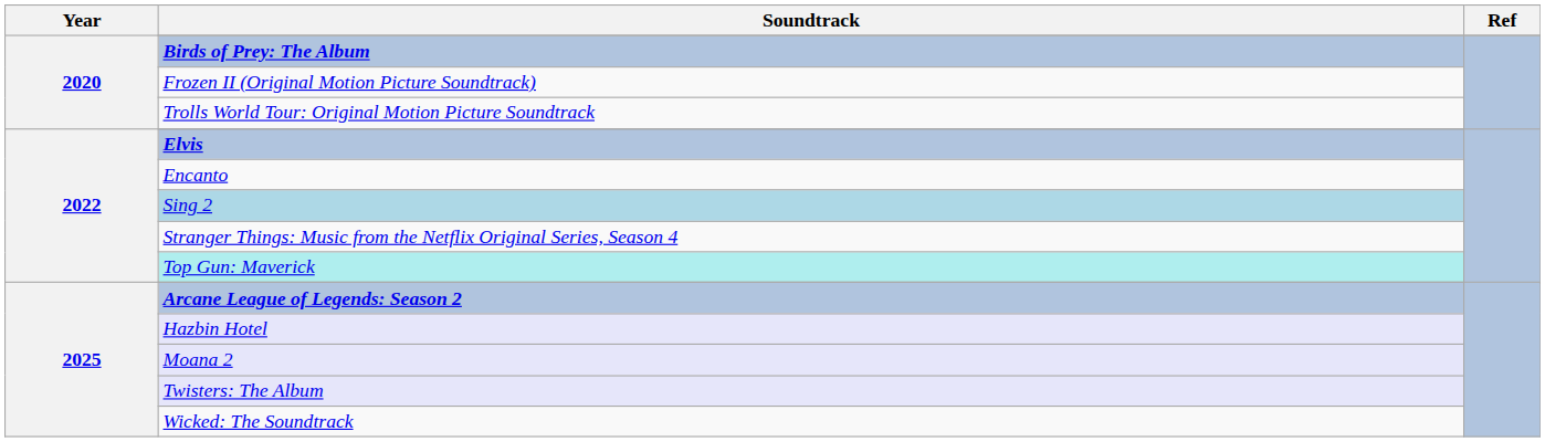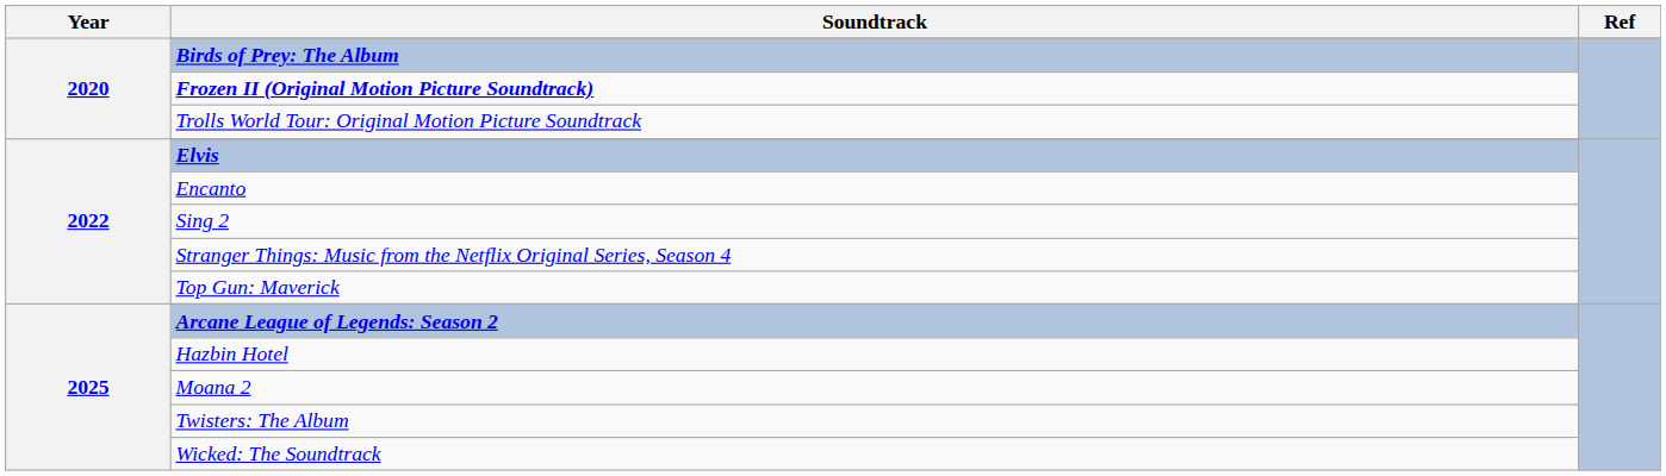 <table class="wikitable" width="100%">
 <tr>
 <th width="10%">Year</th>
 <th width="85%">Soundtrack</th>
 <th width="5%">Ref</th>
 </tr>
 <tr>
 <th rowspan="4" align="center"><a href='#'>2020<br></a></th>
 </tr>
 <tr style="background:#B0C4DE">
 <td><strong><em><a href='#'>Birds of Prey: The Album</a></em></strong></td>
 <td rowspan="4" align="center"></td>
 </tr>
 <tr>
-<td><em><a href='#'>Frozen II (Original Motion Picture Soundtrack)</a></em></td>
+<td><strong><em><a href='#'>Frozen II (Original Motion Picture Soundtrack)</a></em></strong></td>
 </tr>
 <tr>
 <td><em><a href='#'>Trolls World Tour: Original Motion Picture Soundtrack</a></em></td>
 </tr>
 <tr>
 <th rowspan="6" align="center"><a href='#'>2022<br></a></th>
 </tr>
 <tr style="background:#B0C4DE">
 <td><strong><em><a href='#'>Elvis</a></em></strong></td>
 <td rowspan="6" align="center"></td>
 </tr>
 <tr>
 <td><em><a href='#'>Encanto</a></em></td>
 </tr>
 <tr>
-<td style="background: lightblue;"><em><a href='#'>Sing 2</a></em></td>
+<td><em><a href='#'>Sing 2</a></em></td>
 </tr>
 <tr>
 <td><em><a href='#'>Stranger Things: Music from the Netflix Original Series, Season 4</a></em></td>
 </tr>
 <tr>
-<td style="background: paleturquoise;"><em><a href='#'>Top Gun: Maverick</a></em></td>
+<td><em><a href='#'>Top Gun: Maverick</a></em></td>
 </tr>
 <tr>
 <th rowspan="6" align="center"><a href='#'>2025<br></a></th>
 </tr>
 <tr style="background:#B0C4DE">
 <td><strong><em><a href='#'>Arcane League of Legends: Season 2</a></em></strong></td>
 <td rowspan="6" align="center"></td>
 </tr>
 <tr>
-<td style="background: lavender;"><em><a href='#'>Hazbin Hotel</a></em></td>
+<td><em><a href='#'>Hazbin Hotel</a></em></td>
 </tr>
 <tr>
-<td style="background: lavender;"><em><a href='#'>Moana 2</a></em></td>
+<td><em><a href='#'>Moana 2</a></em></td>
 </tr>
 <tr>
-<td style="background: lavender;"><em><a href='#'>Twisters: The Album</a></em></td>
+<td><em><a href='#'>Twisters: The Album</a></em></td>
 </tr>
 <tr>
 <td><em><a href='#'>Wicked: The Soundtrack</a></em></td>
 </tr>
 </table>
